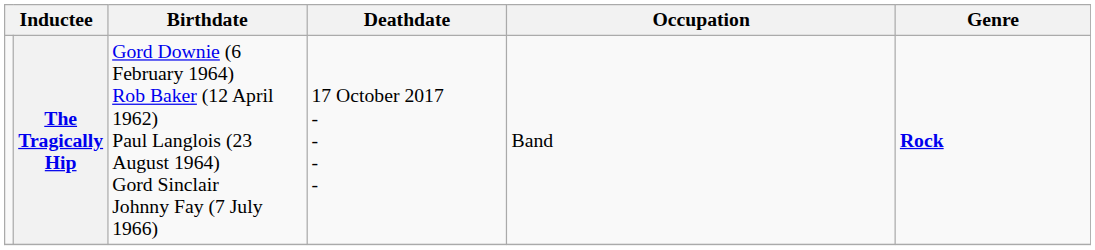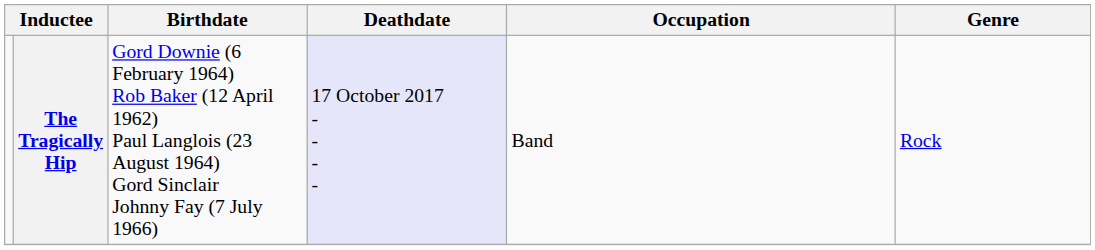 <table class="wikitable" width="100%">
 <tr>
 <th colspan=2>Inductee</th>
 <th width="20%">Birthdate</th>
 <th width="20%">Deathdate</th>
 <th width="40%">Occupation</th>
 <th width="40%">Genre</th>
 </tr>
 <tr>
 <td></td>
 <th><a href='#'>The Tragically Hip</a></th>
 <td><a href='#'>Gord Downie</a> (6 February 1964) <br> <a href='#'>Rob Baker</a> (12 April 1962) <br> Paul Langlois (23 August 1964) <br> Gord Sinclair <br> Johnny Fay (7 July 1966)</td>
-<td>17 October 2017 <br> - <br> - <br> - <br> -</td>
+<td style="background: lavender;">17 October 2017 <br> - <br> - <br> - <br> -</td>
 <td>Band</td>
-<td><strong><a href='#'>Rock</a></strong></td>
+<td><a href='#'>Rock</a></td>
 </tr>
 <tr>
 </tr>
 </table>
